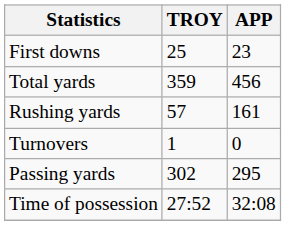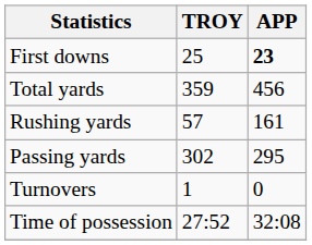 <table class="wikitable" style="float: left;">
 <tr>
 <th>Statistics</th>
 <th>TROY</th>
 <th>APP</th>
 </tr>
 <tr>
 <td>First downs</td>
 <td>25</td>
-<td>23</td>
+<td><strong>23</strong></td>
 </tr>
 <tr>
 <td>Total yards</td>
 <td>359</td>
 <td>456</td>
 </tr>
 <tr>
 <td>Rushing yards</td>
 <td>57</td>
 <td>161</td>
 </tr>
 <tr>
+<td>Passing yards</td>
+<td>302</td>
+<td>295</td>
+</tr>
+<tr>
 <td>Turnovers</td>
 <td>1</td>
 <td>0</td>
-</tr>
-<tr>
-<td>Passing yards</td>
-<td>302</td>
-<td>295</td>
 </tr>
 <tr>
 <td>Time of possession</td>
 <td>27:52</td>
 <td>32:08</td>
 </tr>
 <tr>
 </tr>
 </table>
